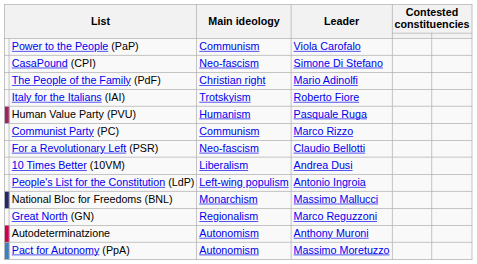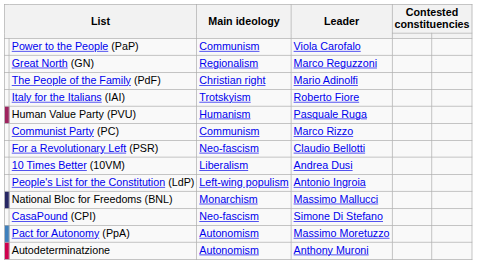 <table class=wikitable style="text-align:left">
 <tr>
 <th rowspan=2 colspan="2">List</th>
 <th rowspan=2>Main ideology</th>
 <th rowspan=2>Leader</th>
 <th colspan="2">Contested<br> constituencies</th>
 </tr>
 <tr>
 <th></th>
 <th></th>
 </tr>
 <tr>
 <td style="background:"></td>
 <td><a href='#'>Power to the People</a> (PaP)</td>
 <td><a href='#'>Communism</a></td>
 <td><a href='#'>Viola Carofalo</a></td>
 <td></td>
 <td></td>
 </tr>
 <tr>
 <td style="background:"></td>
-<td><a href='#'>CasaPound</a> (CPI)</td>
-<td><a href='#'>Neo-fascism</a></td>
-<td><a href='#'>Simone Di Stefano</a></td>
+<td><a href='#'>Great North</a> (GN)</td>
+<td><a href='#'>Regionalism</a></td>
+<td><a href='#'>Marco Reguzzoni</a></td>
 <td></td>
 <td></td>
 </tr>
 <tr>
 <td style="background:"></td>
 <td><a href='#'>The People of the Family</a> (PdF)</td>
 <td><a href='#'>Christian right</a></td>
 <td><a href='#'>Mario Adinolfi</a></td>
 <td></td>
 <td></td>
 </tr>
 <tr>
 <td style="background:"></td>
 <td><a href='#'>Italy for the Italians</a> (IAI)</td>
 <td><a href='#'>Trotskyism</a></td>
 <td><a href='#'>Roberto Fiore</a></td>
 <td></td>
 <td></td>
 </tr>
 <tr>
 <td style="background:#9F235F"></td>
 <td>Human Value Party (PVU)</td>
 <td><a href='#'>Humanism</a></td>
 <td><a href='#'>Pasquale Ruga</a></td>
 <td></td>
 <td></td>
 </tr>
 <tr>
 <td style="background:"></td>
 <td><a href='#'>Communist Party</a> (PC)</td>
 <td><a href='#'>Communism</a></td>
 <td><a href='#'>Marco Rizzo</a></td>
 <td></td>
 <td></td>
 </tr>
 <tr>
 <td style="background:"></td>
 <td><a href='#'>For a Revolutionary Left</a> (PSR)</td>
 <td><a href='#'>Neo-fascism</a></td>
 <td><a href='#'>Claudio Bellotti</a></td>
 <td></td>
 <td></td>
 </tr>
 <tr>
 <td style="background:"></td>
 <td><a href='#'>10 Times Better</a> (10VM)</td>
 <td><a href='#'>Liberalism</a></td>
 <td><a href='#'>Andrea Dusi</a></td>
 <td></td>
 <td></td>
 </tr>
 <tr>
 <td style="background:"></td>
 <td><a href='#'>People's List for the Constitution</a> (LdP)</td>
 <td><a href='#'>Left-wing populism</a></td>
 <td><a href='#'>Antonio Ingroia</a></td>
 <td></td>
 <td></td>
 </tr>
 <tr>
 <td style="background:#272764"></td>
 <td>National Bloc for Freedoms (BNL)</td>
 <td><a href='#'>Monarchism</a></td>
 <td><a href='#'>Massimo Mallucci</a></td>
 <td></td>
 <td></td>
 </tr>
 <tr>
 <td style="background:"></td>
-<td><a href='#'>Great North</a> (GN)</td>
-<td><a href='#'>Regionalism</a></td>
-<td><a href='#'>Marco Reguzzoni</a></td>
+<td><a href='#'>CasaPound</a> (CPI)</td>
+<td><a href='#'>Neo-fascism</a></td>
+<td><a href='#'>Simone Di Stefano</a></td>
+<td></td>
+<td></td>
+</tr>
+<tr>
+<td style="background:#3E80BD"></td>
+<td><a href='#'>Pact for Autonomy</a> (PpA)</td>
+<td><a href='#'>Autonomism</a></td>
+<td><a href='#'>Massimo Moretuzzo</a></td>
 <td></td>
 <td></td>
 </tr>
 <tr>
 <td style="background:#D0004D"></td>
 <td>Autodeterminatzione</td>
 <td><a href='#'>Autonomism</a></td>
 <td><a href='#'>Anthony Muroni</a></td>
 <td></td>
 <td></td>
 </tr>
-<tr>
-<td style="background:#3E80BD"></td>
-<td><a href='#'>Pact for Autonomy</a> (PpA)</td>
-<td><a href='#'>Autonomism</a></td>
-<td><a href='#'>Massimo Moretuzzo</a></td>
-<td></td>
-<td></td>
-</tr>
 </table>
